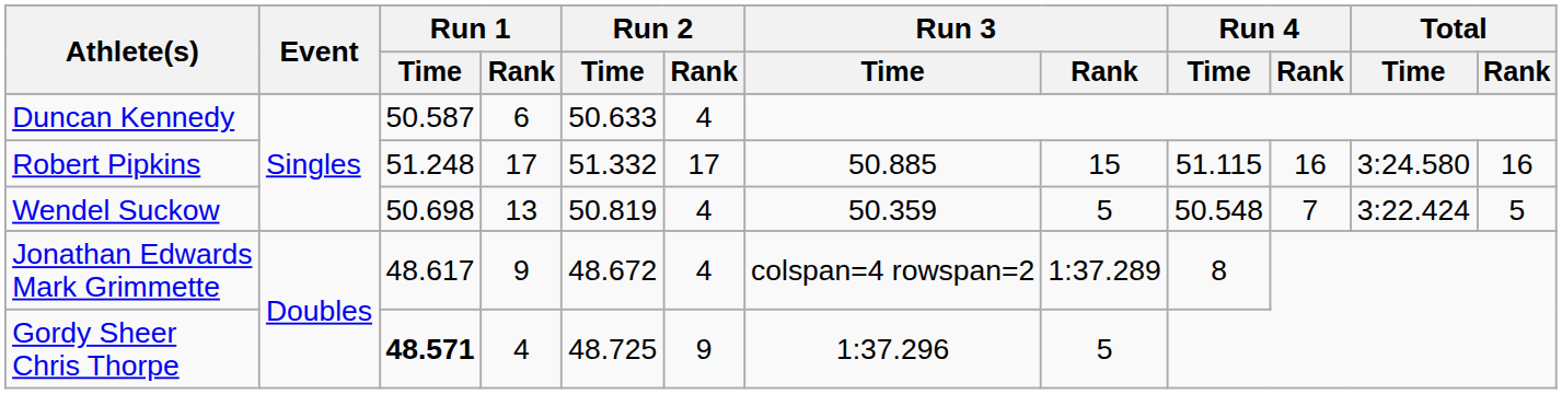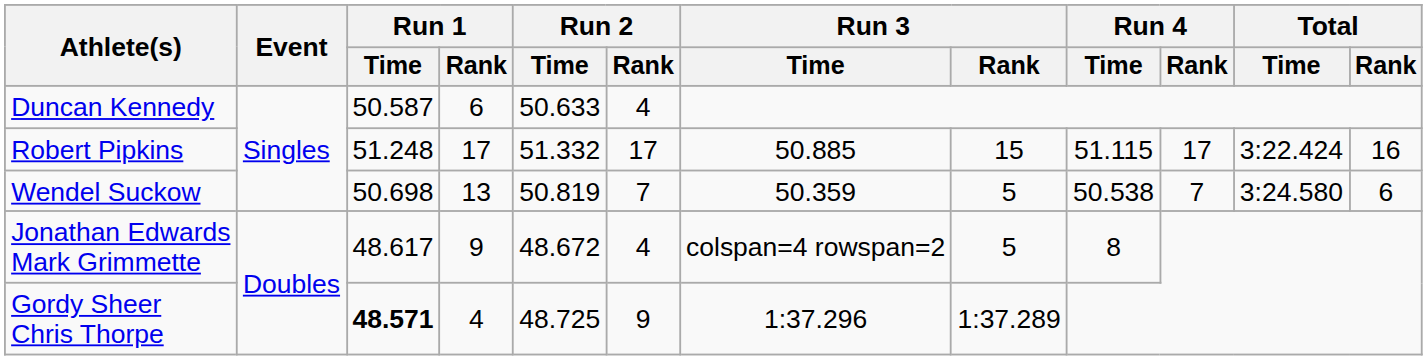 <table class=wikitable style=font-size:90%;text-align:center>
 <tr>
 <th rowspan=2>Athlete(s)</th>
 <th rowspan=2>Event</th>
 <th colspan=2>Run 1</th>
 <th colspan=2>Run 2</th>
 <th colspan=2>Run 3</th>
 <th colspan=2>Run 4</th>
 <th colspan=2>Total</th>
 </tr>
 <tr style=font-size:95%>
 <th>Time</th>
 <th>Rank</th>
 <th>Time</th>
 <th>Rank</th>
 <th>Time</th>
 <th>Rank</th>
 <th>Time</th>
 <th>Rank</th>
 <th>Time</th>
 <th>Rank</th>
 </tr>
 <tr>
 <td align=left><a href='#'>Duncan Kennedy</a></td>
 <td align=left rowspan=3><a href='#'>Singles</a></td>
 <td>50.587</td>
 <td>6</td>
 <td>50.633</td>
 <td>4</td>
 <td colspan=6></td>
 </tr>
 <tr>
 <td align=left><a href='#'>Robert Pipkins</a></td>
 <td>51.248</td>
 <td>17</td>
 <td>51.332</td>
 <td>17</td>
 <td>50.885</td>
 <td>15</td>
 <td>51.115</td>
-<td>16</td>
-<td>3:24.580</td>
+<td>17</td>
+<td>3:22.424</td>
 <td>16</td>
 </tr>
 <tr>
 <td align=left><a href='#'>Wendel Suckow</a></td>
 <td>50.698</td>
 <td>13</td>
 <td>50.819</td>
-<td>4</td>
+<td>7</td>
 <td>50.359</td>
 <td>5</td>
-<td>50.548</td>
+<td>50.538</td>
 <td>7</td>
-<td>3:22.424</td>
-<td>5</td>
+<td>3:24.580</td>
+<td>6</td>
 </tr>
 <tr>
 <td align=left><a href='#'>Jonathan Edwards</a><br><a href='#'>Mark Grimmette</a></td>
 <td align=left rowspan=2><a href='#'>Doubles</a></td>
 <td>48.617</td>
 <td>9</td>
 <td>48.672</td>
 <td>4</td>
 <td>colspan=4 rowspan=2 </td>
-<td>1:37.289</td>
+<td>5</td>
 <td>8</td>
 </tr>
 <tr>
 <td align=left><a href='#'>Gordy Sheer</a><br><a href='#'>Chris Thorpe</a></td>
 <td><strong>48.571</strong></td>
 <td>4</td>
 <td>48.725</td>
 <td>9</td>
 <td>1:37.296</td>
-<td>5</td>
+<td>1:37.289</td>
 </tr>
 </table>
